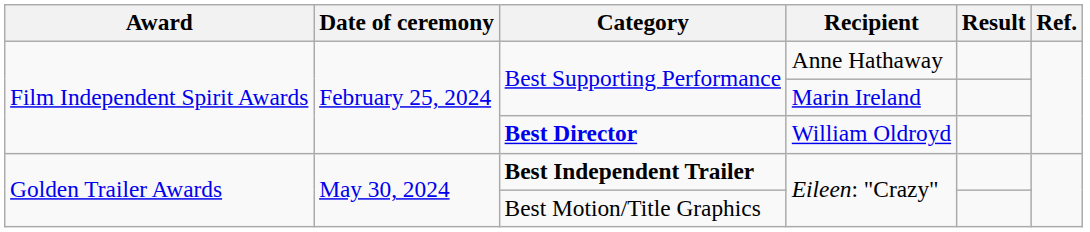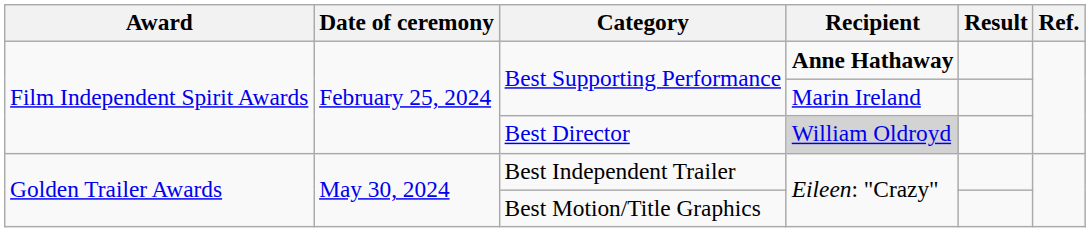 <table class="wikitable">
 <tr>
 <th>Award</th>
 <th>Date of ceremony</th>
 <th>Category</th>
 <th>Recipient</th>
 <th>Result</th>
 <th>Ref.</th>
 </tr>
 <tr>
 <td rowspan="3"><a href='#'>Film Independent Spirit Awards</a></td>
 <td rowspan="3"><a href='#'>February 25, 2024</a></td>
 <td rowspan="2"><a href='#'>Best Supporting Performance</a></td>
-<td>Anne Hathaway</td>
+<td><strong>Anne Hathaway</strong></td>
 <td></td>
 <td rowspan="3" align=center></td>
 </tr>
 <tr>
 <td><a href='#'>Marin Ireland</a></td>
 <td></td>
 </tr>
 <tr>
-<td><strong><a href='#'>Best Director</a></strong></td>
-<td><a href='#'>William Oldroyd</a></td>
+<td><a href='#'>Best Director</a></td>
+<td style="background: lightgrey;"><a href='#'>William Oldroyd</a></td>
 <td></td>
 </tr>
 <tr>
 <td rowspan="2"><a href='#'>Golden Trailer Awards</a></td>
 <td rowspan="2"><a href='#'>May 30, 2024</a></td>
-<td><strong>Best Independent Trailer</strong></td>
+<td>Best Independent Trailer</td>
 <td rowspan="2"><em>Eileen</em>: "Crazy"</td>
 <td></td>
 <td rowspan="2" align=center></td>
 </tr>
 <tr>
 <td>Best Motion/Title Graphics</td>
 <td></td>
 </tr>
 </table>
